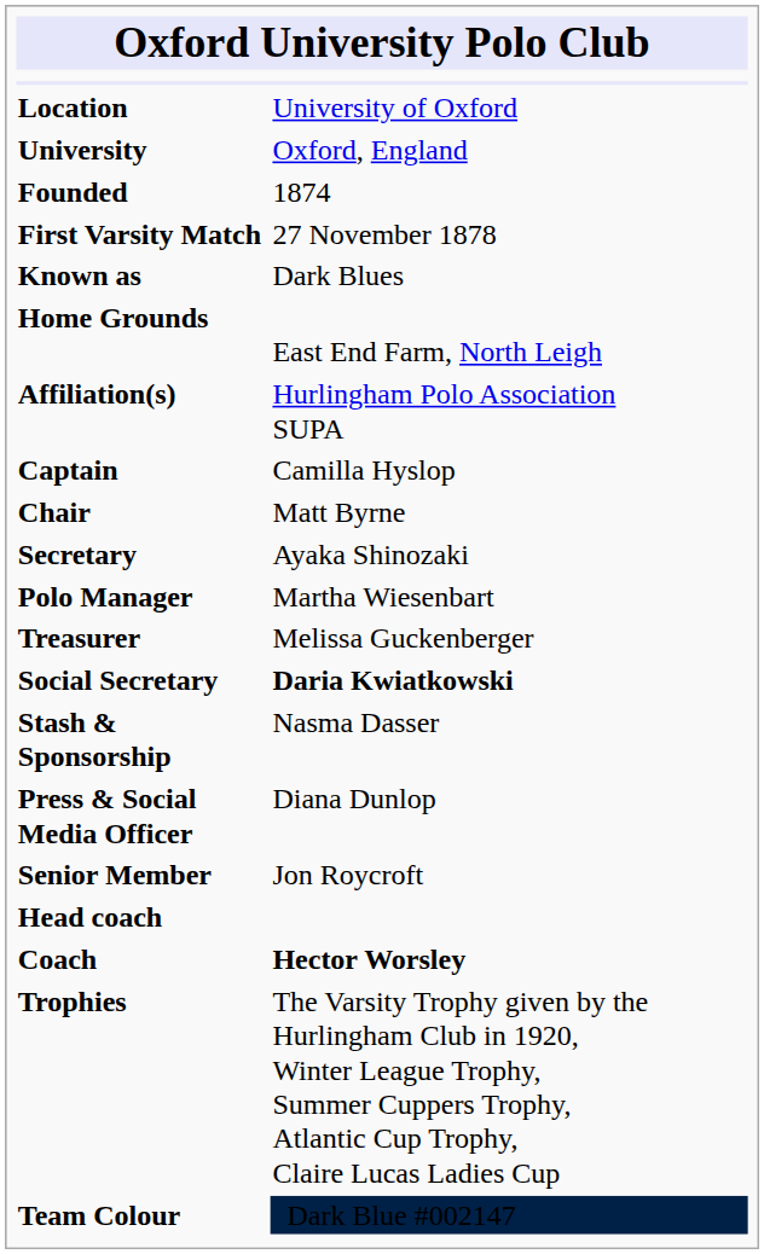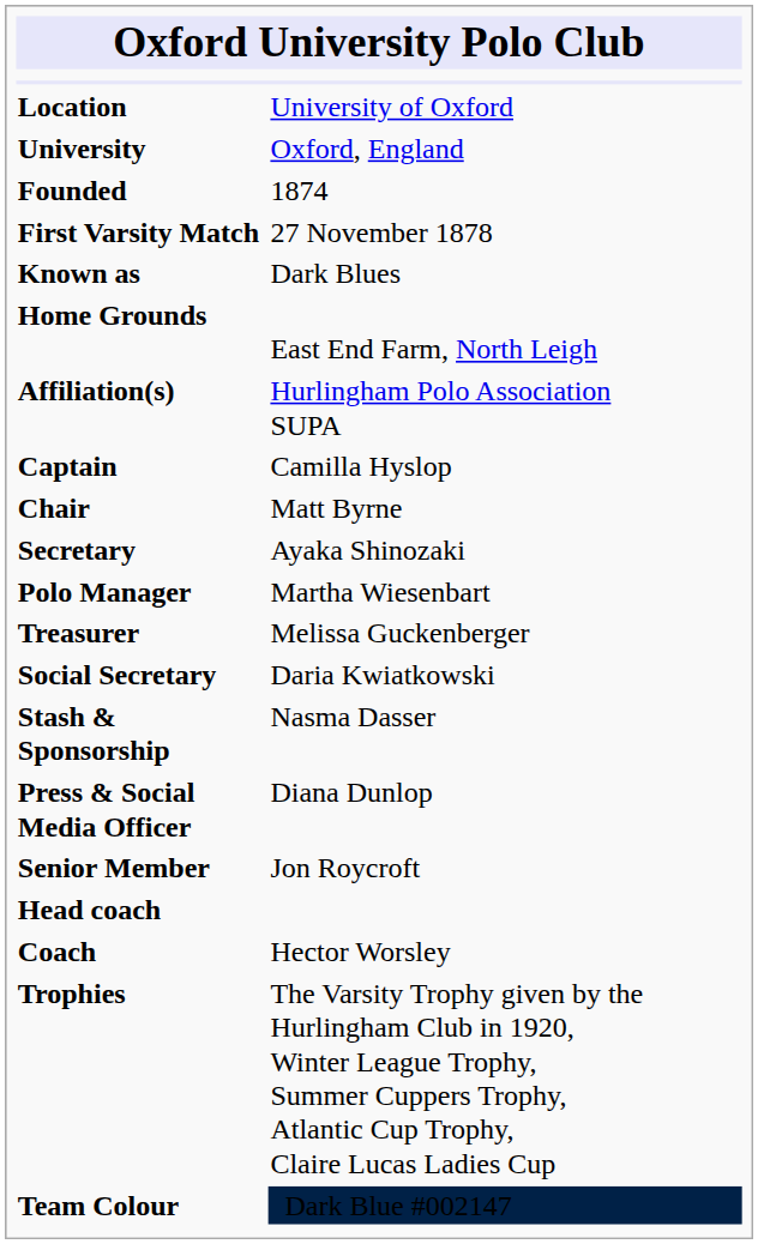 <table class="infobox" style="width: 26em; font-size: 95%;">
 <tr>
 <td colspan="2" style="text-align: center; font-size: 150%;background:lavender;"><strong>Oxford University Polo Club</strong></td>
 </tr>
 <tr>
 <td colspan="2" style="width:100%; vertical-align:middle; text-align:center;"></td>
 </tr>
 <tr>
 <td colspan="2" style="text-align: center; font-size: 100%; background:lavender;"></td>
 </tr>
 <tr>
 <td><strong>Location</strong></td>
 <td><a href='#'>University of Oxford</a></td>
 </tr>
 <tr>
 <td><strong>University</strong></td>
 <td><a href='#'>Oxford</a>, <a href='#'>England</a></td>
 </tr>
 <tr>
 <td><strong>Founded</strong></td>
 <td>1874</td>
 </tr>
 <tr>
 <td><strong>First Varsity Match</strong></td>
 <td>27 November 1878</td>
 </tr>
 <tr>
 <td><strong>Known as</strong></td>
 <td>Dark Blues</td>
 </tr>
 <tr>
 <td><strong>Home Grounds</strong></td>
 <td> <br> East End Farm, <a href='#'>North Leigh</a></td>
 </tr>
 <tr>
 <td><strong>Affiliation(s)</strong></td>
 <td><a href='#'>Hurlingham Polo Association</a> <br> SUPA</td>
 </tr>
 <tr>
 <td><strong>Captain</strong></td>
 <td>Camilla Hyslop</td>
 </tr>
 <tr>
 <td><strong>Chair</strong></td>
 <td>Matt Byrne</td>
 </tr>
 <tr>
 <td><strong>Secretary</strong></td>
 <td>Ayaka Shinozaki</td>
 </tr>
 <tr>
 <td><strong>Polo Manager</strong></td>
 <td>Martha Wiesenbart</td>
 </tr>
 <tr>
 <td><strong>Treasurer</strong></td>
 <td>Melissa Guckenberger</td>
 </tr>
 <tr>
 <td><strong>Social Secretary</strong></td>
-<td><strong>Daria Kwiatkowski</strong></td>
+<td>Daria Kwiatkowski</td>
 </tr>
 <tr>
 <td><strong>Stash & Sponsorship</strong></td>
 <td>Nasma Dasser</td>
 </tr>
 <tr>
 <td><strong>Press & Social Media Officer</strong></td>
 <td>Diana Dunlop</td>
 </tr>
 <tr>
 <td><strong>Senior Member</strong></td>
 <td>Jon Roycroft</td>
 </tr>
 <tr>
 <td><strong>Head coach</strong></td>
 <td></td>
 </tr>
 <tr>
 <td><strong>Coach</strong></td>
-<td><strong>Hector Worsley</strong></td>
+<td>Hector Worsley</td>
 </tr>
 <tr>
 <td><strong>Trophies</strong></td>
 <td>The Varsity Trophy given by the Hurlingham Club in 1920,<br> Winter League Trophy, <br> Summer Cuppers Trophy, <br> Atlantic Cup Trophy, <br> Claire Lucas Ladies Cup</td>
 </tr>
 <tr>
 <td><strong>Team Colour</strong></td>
 <td style="background:#002147">  <span>Dark Blue #002147</span></td>
 </tr>
 <tr>
 </tr>
 </table>
